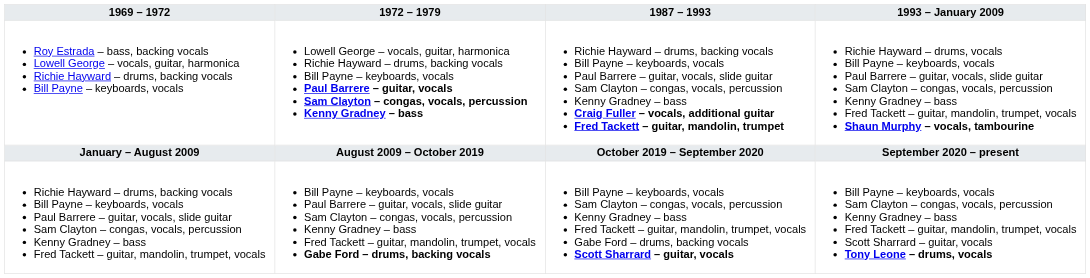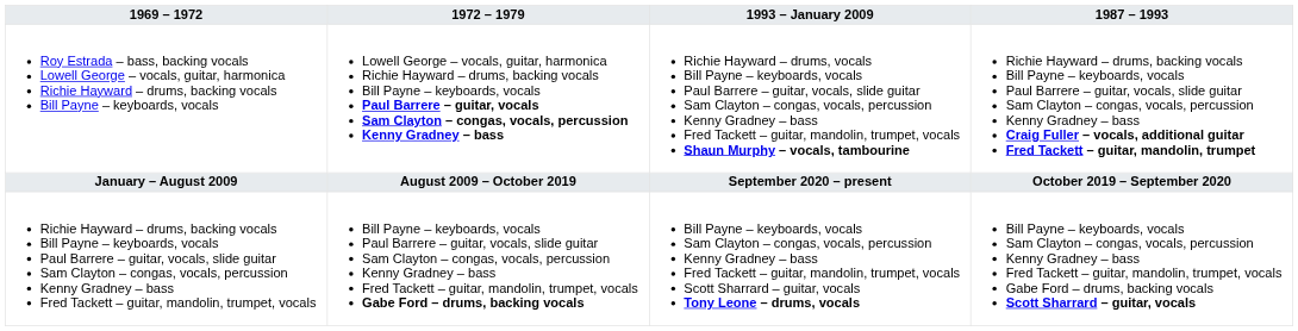 <table class="toccolours" border="1" cellpadding="2" cellspacing="0"  style="float:width:375px; margin:0 0 1em 1em; border-collapse:collapse; border:1px solid #e2e2e2; width:99%;">
 <tr>
 <th style="vertical-align:top; background:#e7ebee; width:25%;">1969 – 1972</th>
 <th style="vertical-align:top; background:#e7ebee; width:25%;">1972 – 1979</th>
+<th style="vertical-align:top; background:#e7ebee; width:25%;">1993 – January 2009</th>
 <th style="vertical-align:top; background:#e7ebee; width:25%;">1987 – 1993</th>
-<th style="vertical-align:top; background:#e7ebee; width:25%;">1993 – January 2009</th>
 </tr>
 <tr>
 <td valign=top><br><ul><li><a href='#'>Roy Estrada</a> – bass, backing vocals</li><li><a href='#'>Lowell George</a> – vocals, guitar, harmonica</li><li><a href='#'>Richie Hayward</a> – drums, backing vocals</li><li><a href='#'>Bill Payne</a> – keyboards, vocals</li></ul></td>
 <td valign=top><br><ul><li>Lowell George – vocals, guitar, harmonica</li><li>Richie Hayward – drums, backing vocals</li><li>Bill Payne – keyboards, vocals</li><li><strong><a href='#'>Paul Barrere</a> – guitar, vocals</strong></li><li><strong><a href='#'>Sam Clayton</a> – congas, vocals, percussion</strong></li><li><strong><a href='#'>Kenny Gradney</a> – bass</strong></li></ul></td>
+<td valign=top><br><ul><li>Richie Hayward – drums, vocals</li><li>Bill Payne – keyboards, vocals</li><li>Paul Barrere – guitar, vocals, slide guitar</li><li>Sam Clayton – congas, vocals, percussion</li><li>Kenny Gradney – bass</li><li>Fred Tackett – guitar, mandolin, trumpet, vocals</li><li><strong><a href='#'>Shaun Murphy</a> – vocals, tambourine</strong></li></ul></td>
 <td valign=top><br><ul><li>Richie Hayward – drums, backing vocals</li><li>Bill Payne – keyboards, vocals</li><li>Paul Barrere – guitar, vocals, slide guitar</li><li>Sam Clayton – congas, vocals, percussion</li><li>Kenny Gradney – bass</li><li><strong><a href='#'>Craig Fuller</a> – vocals, additional guitar</strong></li><li><strong><a href='#'>Fred Tackett</a> – guitar, mandolin, trumpet</strong></li></ul></td>
-<td valign=top><br><ul><li>Richie Hayward – drums, vocals</li><li>Bill Payne – keyboards, vocals</li><li>Paul Barrere – guitar, vocals, slide guitar</li><li>Sam Clayton – congas, vocals, percussion</li><li>Kenny Gradney – bass</li><li>Fred Tackett – guitar, mandolin, trumpet, vocals</li><li><strong><a href='#'>Shaun Murphy</a> – vocals, tambourine</strong></li></ul></td>
 </tr>
 <tr>
 <th style="vertical-align:top; background:#e7ebee; width:25%;">January – August 2009</th>
 <th style="vertical-align:top; background:#e7ebee; width:25%;">August 2009 – October 2019</th>
+<th style="vertical-align:top; background:#e7ebee; width:25%;">September 2020 – present</th>
 <th style="vertical-align:top; background:#e7ebee; width:25%;">October 2019 – September 2020</th>
-<th style="vertical-align:top; background:#e7ebee; width:25%;">September 2020 – present</th>
 </tr>
 <tr>
 <td valign=top><br><ul><li>Richie Hayward – drums, backing vocals</li><li>Bill Payne – keyboards, vocals</li><li>Paul Barrere – guitar, vocals, slide guitar</li><li>Sam Clayton – congas, vocals, percussion</li><li>Kenny Gradney – bass</li><li>Fred Tackett – guitar, mandolin, trumpet, vocals</li></ul></td>
 <td valign=top><br><ul><li>Bill Payne – keyboards, vocals</li><li>Paul Barrere – guitar, vocals, slide guitar</li><li>Sam Clayton – congas, vocals, percussion</li><li>Kenny Gradney – bass</li><li>Fred Tackett – guitar, mandolin, trumpet, vocals</li><li><strong>Gabe Ford – drums, backing vocals</strong></li></ul></td>
+<td valign=top><br><ul><li>Bill Payne – keyboards, vocals</li><li>Sam Clayton – congas, vocals, percussion</li><li>Kenny Gradney – bass</li><li>Fred Tackett – guitar, mandolin, trumpet, vocals</li><li>Scott Sharrard – guitar, vocals</li><li><strong><a href='#'>Tony Leone</a> – drums, vocals</strong></li></ul></td>
 <td valign=top><br><ul><li>Bill Payne – keyboards, vocals</li><li>Sam Clayton – congas, vocals, percussion</li><li>Kenny Gradney – bass</li><li>Fred Tackett – guitar, mandolin, trumpet, vocals</li><li>Gabe Ford – drums, backing vocals</li><li><strong><a href='#'>Scott Sharrard</a> – guitar, vocals</strong></li></ul></td>
-<td valign=top><br><ul><li>Bill Payne – keyboards, vocals</li><li>Sam Clayton – congas, vocals, percussion</li><li>Kenny Gradney – bass</li><li>Fred Tackett – guitar, mandolin, trumpet, vocals</li><li>Scott Sharrard – guitar, vocals</li><li><strong><a href='#'>Tony Leone</a> – drums, vocals</strong></li></ul></td>
 </tr>
 </table>
